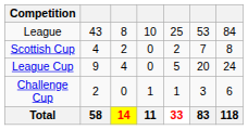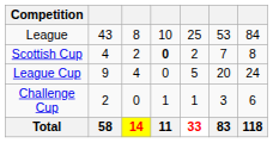 <table class="wikitable" style="text-align:center">
 <tr>
 <th width=100>Competition</th>
 <th width=35></th>
 <th width=30></th>
 <th width=30></th>
 <th width=30></th>
 <th width=30></th>
 <th width=30></th>
 </tr>
 <tr>
 <td>League</td>
 <td>43</td>
 <td>8</td>
 <td>10</td>
 <td>25</td>
 <td>53</td>
 <td>84</td>
 </tr>
 <tr>
 <td><a href='#'>Scottish Cup</a></td>
 <td>4</td>
 <td>2</td>
-<td>0</td>
+<td><strong>0</strong></td>
 <td>2</td>
 <td>7</td>
 <td>8</td>
 </tr>
 <tr>
 <td><a href='#'>League Cup</a></td>
 <td>9</td>
 <td>4</td>
 <td>0</td>
 <td>5</td>
 <td>20</td>
 <td>24</td>
 </tr>
 <tr>
 <td><a href='#'>Challenge Cup</a></td>
 <td>2</td>
 <td>0</td>
 <td>1</td>
 <td>1</td>
 <td>3</td>
 <td>6</td>
 </tr>
 <tr>
 <th>Total</th>
 <th>58</th>
 <th style="text-align:center; color:red; background:yellow;">14</th>
 <th>11</th>
 <th style="text-align:center; color:red; background:white;">33</th>
 <th>83</th>
 <th>118</th>
 </tr>
 </table>
